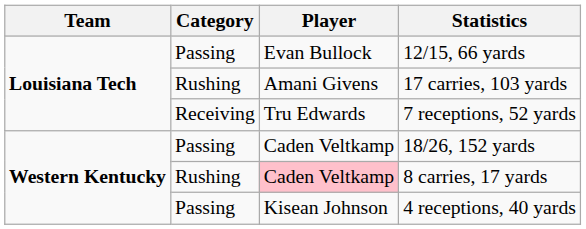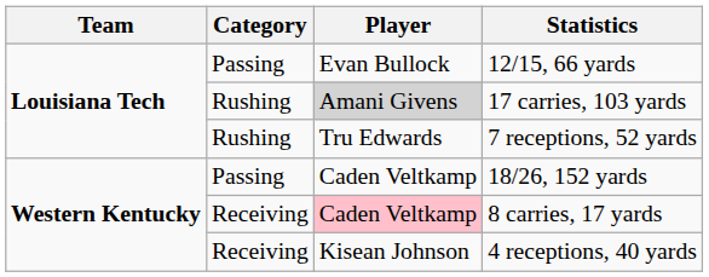 <table class="wikitable" style="float: right;">
 <tr>
 <th>Team</th>
 <th>Category</th>
 <th>Player</th>
 <th>Statistics</th>
 </tr>
 <tr>
 <td rowspan=3><strong>Louisiana Tech</strong></td>
 <td>Passing</td>
 <td>Evan Bullock</td>
 <td>12/15, 66 yards</td>
 </tr>
 <tr>
 <td>Rushing</td>
-<td>Amani Givens</td>
+<td style="background: lightgrey;">Amani Givens</td>
 <td>17 carries, 103 yards</td>
 </tr>
 <tr>
-<td>Receiving</td>
+<td>Rushing</td>
 <td>Tru Edwards</td>
 <td>7 receptions, 52 yards</td>
 </tr>
 <tr>
 <td rowspan=3><strong>Western Kentucky</strong></td>
 <td>Passing</td>
 <td>Caden Veltkamp</td>
 <td>18/26, 152 yards</td>
 </tr>
 <tr>
-<td>Rushing</td>
+<td>Receiving</td>
 <td style="background: pink;">Caden Veltkamp</td>
 <td>8 carries, 17 yards</td>
 </tr>
 <tr>
-<td>Passing</td>
+<td>Receiving</td>
 <td>Kisean Johnson</td>
 <td>4 receptions, 40 yards</td>
 </tr>
 </table>
